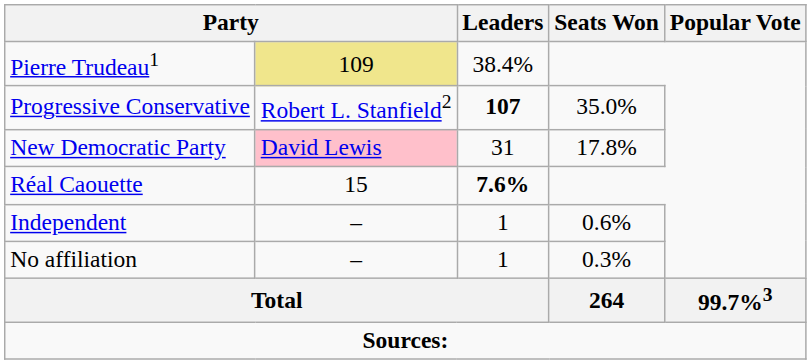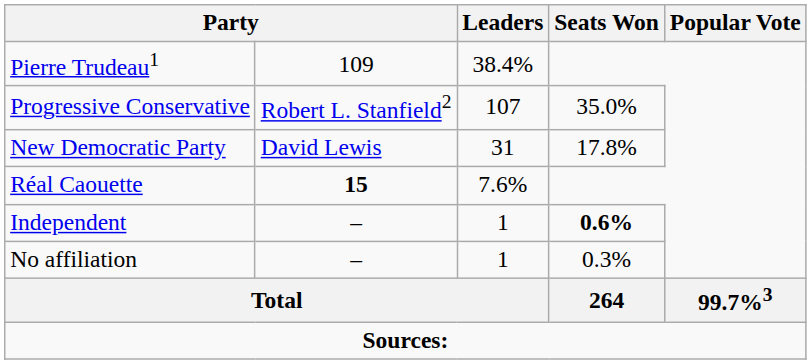 <table class="wikitable">
 <tr>
 <th colspan="2">Party</th>
 <th>Leaders</th>
 <th>Seats Won</th>
 <th>Popular Vote</th>
 </tr>
 <tr>
 <td><a href='#'>Pierre Trudeau</a><sup>1</sup></td>
-<td align=center style="background: khaki;">109</td>
+<td align=center>109</td>
 <td align=center>38.4%</td>
 </tr>
 <tr>
 <td><a href='#'>Progressive Conservative</a></td>
 <td><a href='#'>Robert L. Stanfield</a><sup>2</sup></td>
-<td align=center><strong>107</strong></td>
+<td align=center>107</td>
 <td align=center>35.0%</td>
 </tr>
 <tr>
 <td><a href='#'>New Democratic Party</a></td>
-<td style="background: pink;"><a href='#'>David Lewis</a></td>
+<td><a href='#'>David Lewis</a></td>
 <td align=center>31</td>
 <td align=center>17.8%</td>
 </tr>
 <tr>
 <td><a href='#'>Réal Caouette</a></td>
-<td align=center>15</td>
-<td align=center><strong>7.6%</strong></td>
+<td align=center><strong>15</strong></td>
+<td align=center>7.6%</td>
 </tr>
 <tr>
 <td><a href='#'>Independent</a></td>
 <td align=center>–</td>
 <td align=center>1</td>
-<td align=center>0.6%</td>
+<td align=center><strong>0.6%</strong></td>
 </tr>
 <tr>
 <td>No affiliation</td>
 <td align=center>–</td>
 <td align=center>1</td>
 <td align=center>0.3%</td>
 </tr>
 <tr>
 <th colspan=3 align=left>Total</th>
 <th align=center>264</th>
 <th align=center>99.7%<sup>3</sup></th>
 </tr>
 <tr>
 <td align="center" colspan=5><strong>Sources:</strong> </td>
 </tr>
 </table>
